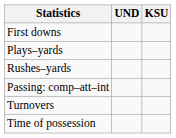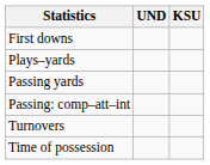 <table class="wikitable" style="float:left">
 <tr>
 <th>Statistics</th>
 <th>UND</th>
 <th>KSU</th>
 </tr>
 <tr>
 <td>First downs</td>
 <td></td>
 <td></td>
 </tr>
 <tr>
 <td>Plays–yards</td>
 <td></td>
 <td></td>
 </tr>
 <tr>
-<td>Rushes–yards</td>
+<td>Passing yards</td>
 <td></td>
 <td></td>
 </tr>
 <tr>
 <td>Passing: comp–att–int</td>
 <td></td>
 <td></td>
 </tr>
 <tr>
 <td>Turnovers</td>
 <td></td>
 <td></td>
 </tr>
 <tr>
 <td>Time of possession</td>
 <td></td>
 <td></td>
 </tr>
 </table>
